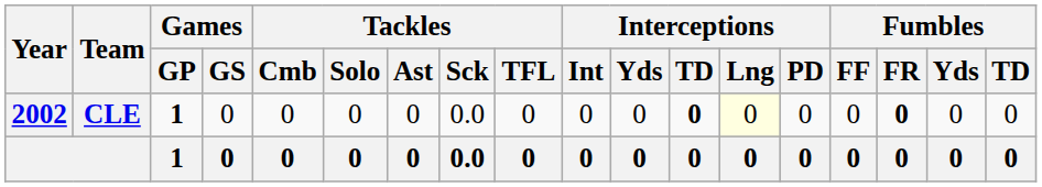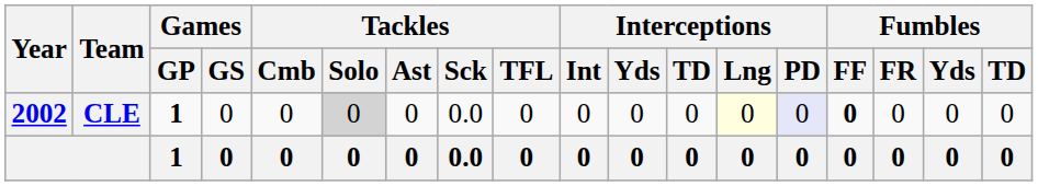 <table class="wikitable" style="text-align:center">
 <tr>
 <th rowspan="2">Year</th>
 <th rowspan="2">Team</th>
 <th colspan="2">Games</th>
 <th colspan="5">Tackles</th>
 <th colspan="5">Interceptions</th>
 <th colspan="4">Fumbles</th>
 </tr>
 <tr>
 <th>GP</th>
 <th>GS</th>
 <th>Cmb</th>
 <th>Solo</th>
 <th>Ast</th>
 <th>Sck</th>
 <th>TFL</th>
 <th>Int</th>
 <th>Yds</th>
 <th>TD</th>
 <th>Lng</th>
 <th>PD</th>
 <th>FF</th>
 <th>FR</th>
 <th>Yds</th>
 <th>TD</th>
 </tr>
 <tr>
 <th><a href='#'>2002</a></th>
 <th><a href='#'>CLE</a></th>
 <td><strong>1</strong></td>
 <td>0</td>
 <td>0</td>
-<td>0</td>
+<td style="background: lightgrey;">0</td>
 <td>0</td>
 <td>0.0</td>
 <td>0</td>
 <td>0</td>
 <td>0</td>
+<td>0</td>
+<td style="background: lightyellow;">0</td>
+<td style="background: lavender;">0</td>
 <td><strong>0</strong></td>
-<td style="background: lightyellow;">0</td>
 <td>0</td>
-<td>0</td>
-<td><strong>0</strong></td>
 <td>0</td>
 <td>0</td>
 </tr>
 <tr>
 <th colspan="2"></th>
 <th>1</th>
 <th>0</th>
 <th>0</th>
 <th>0</th>
 <th>0</th>
 <th>0.0</th>
 <th>0</th>
 <th>0</th>
 <th>0</th>
 <th>0</th>
 <th>0</th>
 <th>0</th>
 <th>0</th>
 <th>0</th>
 <th>0</th>
 <th>0</th>
 </tr>
 </table>
